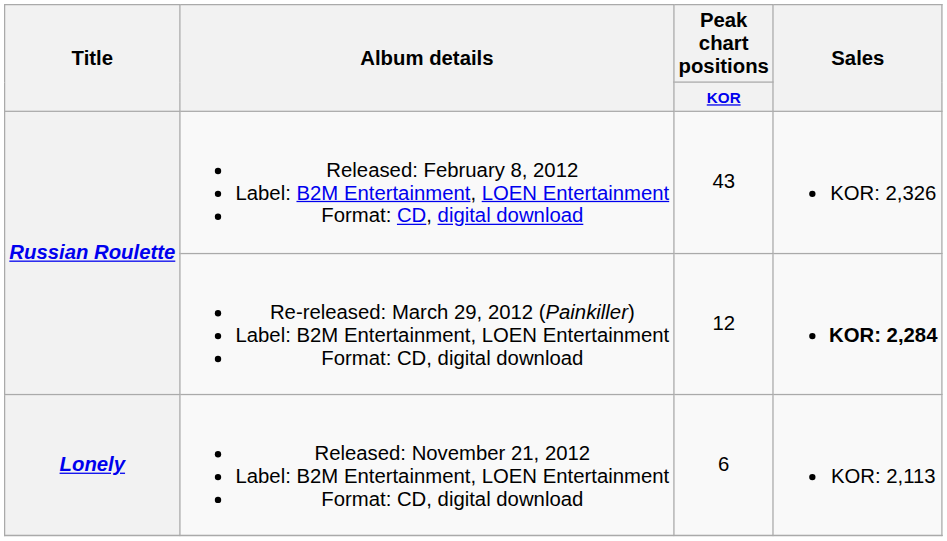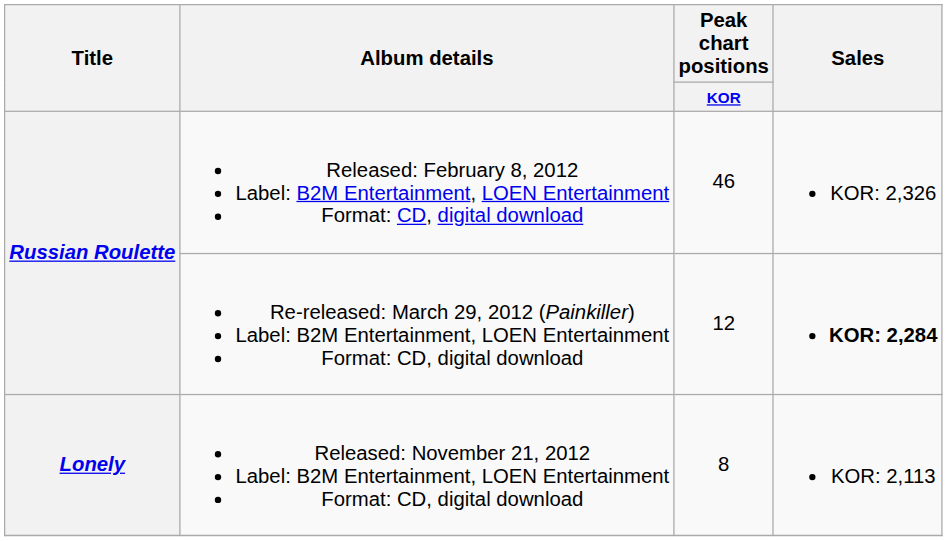 <table class="wikitable plainrowheaders" style="text-align:center;">
 <tr>
 <th scope="col" rowspan="2">Title</th>
 <th scope="col" rowspan="2">Album details</th>
 <th scope="col" colspan="1">Peak chart<br>positions</th>
 <th scope="col" rowspan="2">Sales</th>
 </tr>
 <tr>
 <th scope="col" style="width:3.5em;font-size:90%;"><small><a href='#'>KOR</a></small><br></th>
 </tr>
 <tr>
 <th scope="row" rowspan="2"><em><a href='#'>Russian Roulette</a></em></th>
 <td><br><ul><li>Released: February 8, 2012</li><li>Label: <a href='#'>B2M Entertainment</a>, <a href='#'>LOEN Entertainment</a></li><li>Format: <a href='#'>CD</a>, <a href='#'>digital download</a></li></ul></td>
-<td>43</td>
+<td>46</td>
 <td><br><ul><li>KOR: 2,326</li></ul></td>
 </tr>
 <tr>
 <td><br><ul><li>Re-released: March 29, 2012 (<em>Painkiller</em>)</li><li>Label: B2M Entertainment, LOEN Entertainment</li><li>Format: CD, digital download</li></ul></td>
 <td>12</td>
 <td><strong><br><ul><li>KOR: 2,284</li></ul></strong></td>
 </tr>
 <tr>
 <th scope="row"><em><a href='#'>Lonely</a></em></th>
 <td><br><ul><li>Released: November 21, 2012</li><li>Label: B2M Entertainment, LOEN Entertainment</li><li>Format: CD, digital download</li></ul></td>
-<td>6</td>
+<td>8</td>
 <td><br><ul><li>KOR: 2,113</li></ul></td>
 </tr>
 <tr>
 </tr>
 </table>
